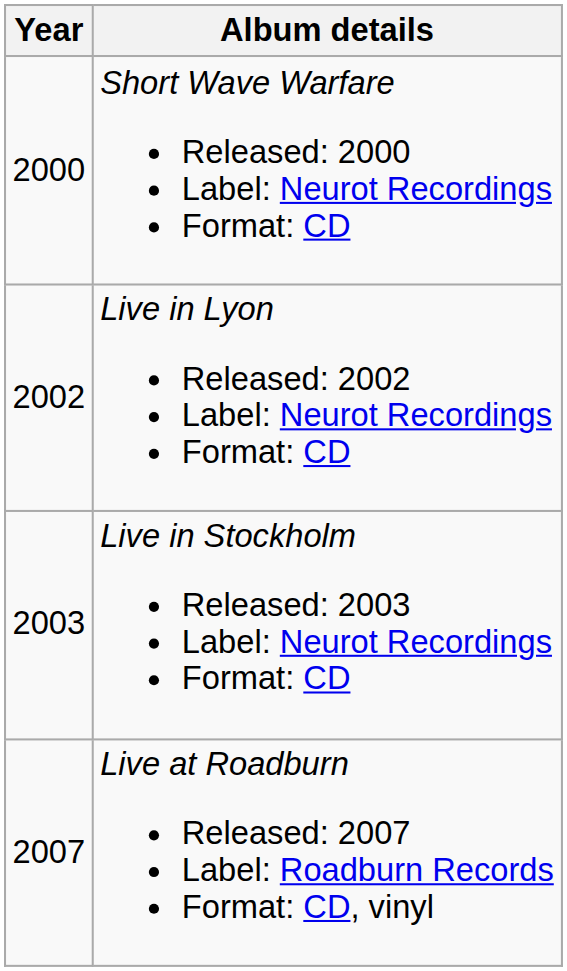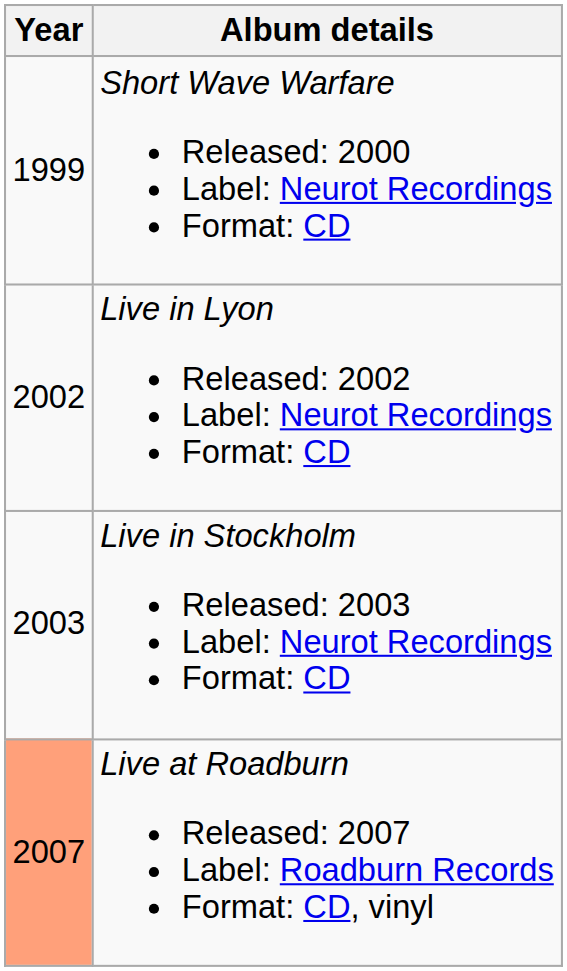 <table class="wikitable">
 <tr>
 <th>Year</th>
 <th>Album details</th>
 </tr>
 <tr>
-<td>2000</td>
+<td>1999</td>
 <td><em>Short Wave Warfare</em><br><ul><li>Released: 2000</li><li>Label: <a href='#'>Neurot Recordings</a></li><li>Format: <a href='#'>CD</a></li></ul></td>
 </tr>
 <tr>
 <td>2002</td>
 <td><em>Live in Lyon</em><br><ul><li>Released: 2002</li><li>Label: <a href='#'>Neurot Recordings</a></li><li>Format: <a href='#'>CD</a></li></ul></td>
 </tr>
 <tr>
 <td>2003</td>
 <td><em>Live in Stockholm</em><br><ul><li>Released: 2003</li><li>Label: <a href='#'>Neurot Recordings</a></li><li>Format: <a href='#'>CD</a></li></ul></td>
 </tr>
 <tr>
-<td>2007</td>
+<td style="background: lightsalmon;">2007</td>
 <td><em>Live at Roadburn</em><br><ul><li>Released: 2007</li><li>Label: <a href='#'>Roadburn Records</a></li><li>Format: <a href='#'>CD</a>, vinyl</li></ul></td>
 </tr>
 </table>
